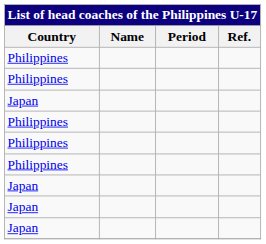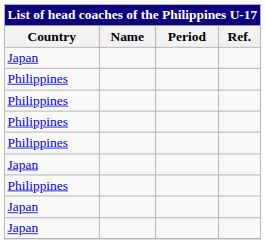 <table class="wikitable mw-collapsible ">
 <tr>
 <th colspan=4 style="background: #0C007F; color: #FFFFFF;">List of head coaches of the Philippines U-17</th>
 </tr>
 <tr>
 <th>Country</th>
 <th>Name</th>
 <th>Period</th>
 <th>Ref.</th>
 </tr>
 <tr>
-<td> <a href='#'>Philippines</a></td>
+<td> <a href='#'>Japan</a></td>
 <td></td>
 <td></td>
 <td></td>
 </tr>
 <tr>
 <td> <a href='#'>Philippines</a></td>
-<td></td>
-<td></td>
-<td></td>
-</tr>
-<tr>
-<td> <a href='#'>Japan</a></td>
 <td></td>
 <td></td>
 <td></td>
 </tr>
 <tr>
 <td> <a href='#'>Philippines</a></td>
 <td></td>
 <td></td>
 <td></td>
 </tr>
 <tr>
 <td> <a href='#'>Philippines</a></td>
 <td></td>
 <td></td>
 <td></td>
 </tr>
 <tr>
 <td> <a href='#'>Philippines</a></td>
 <td></td>
 <td></td>
 <td></td>
 </tr>
 <tr>
 <td> <a href='#'>Japan</a></td>
 <td></td>
 <td></td>
 <td></td>
 </tr>
 <tr>
+<td> <a href='#'>Philippines</a></td>
+<td></td>
+<td></td>
+<td></td>
+</tr>
+<tr>
 <td> <a href='#'>Japan</a></td>
 <td></td>
 <td></td>
 <td></td>
 </tr>
 <tr>
 <td> <a href='#'>Japan</a></td>
 <td></td>
 <td></td>
 <td></td>
 </tr>
 <tr>
 </tr>
 </table>
